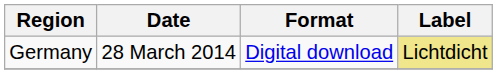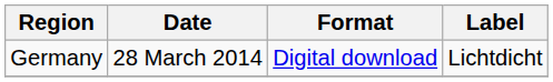 <table class=wikitable>
 <tr>
 <th>Region</th>
 <th>Date</th>
 <th>Format</th>
 <th>Label</th>
 </tr>
 <tr>
 <td>Germany</td>
 <td>28 March 2014</td>
 <td><a href='#'>Digital download</a></td>
-<td style="background: khaki;">Lichtdicht</td>
+<td>Lichtdicht</td>
 </tr>
 <tr>
 </tr>
 </table>
